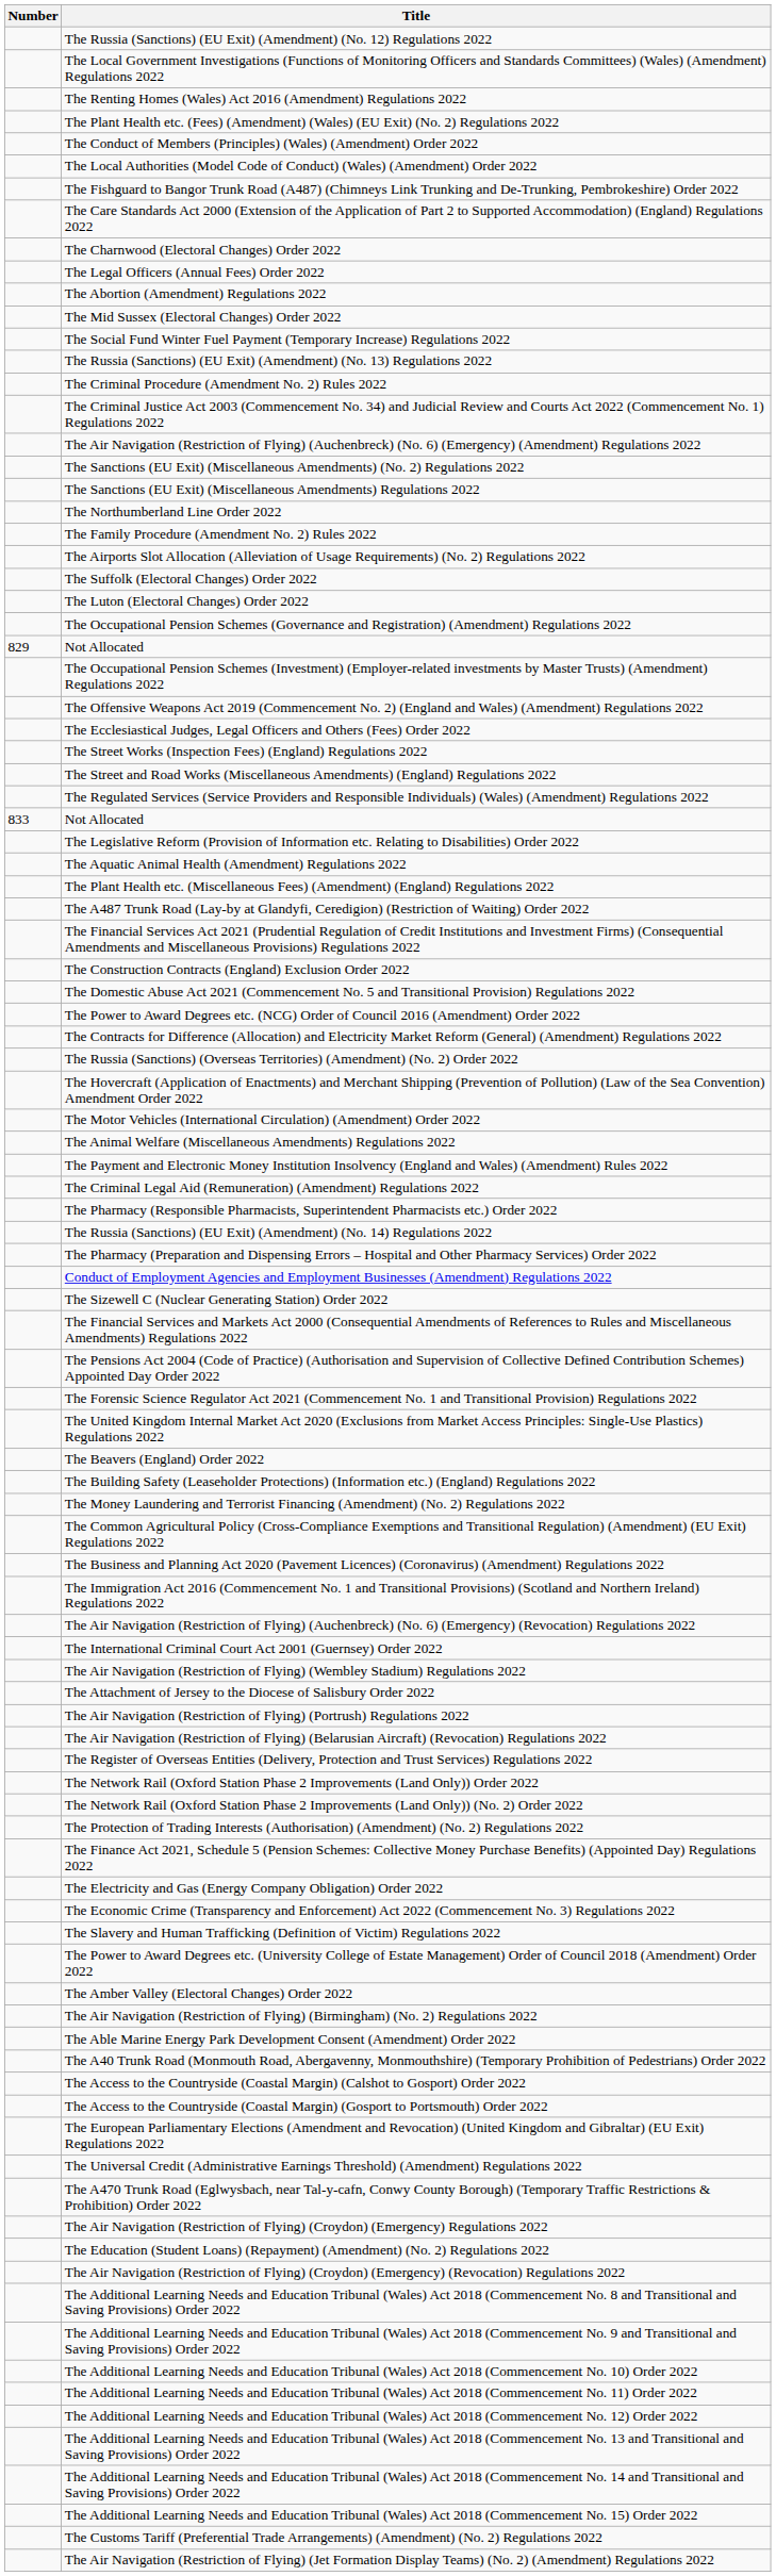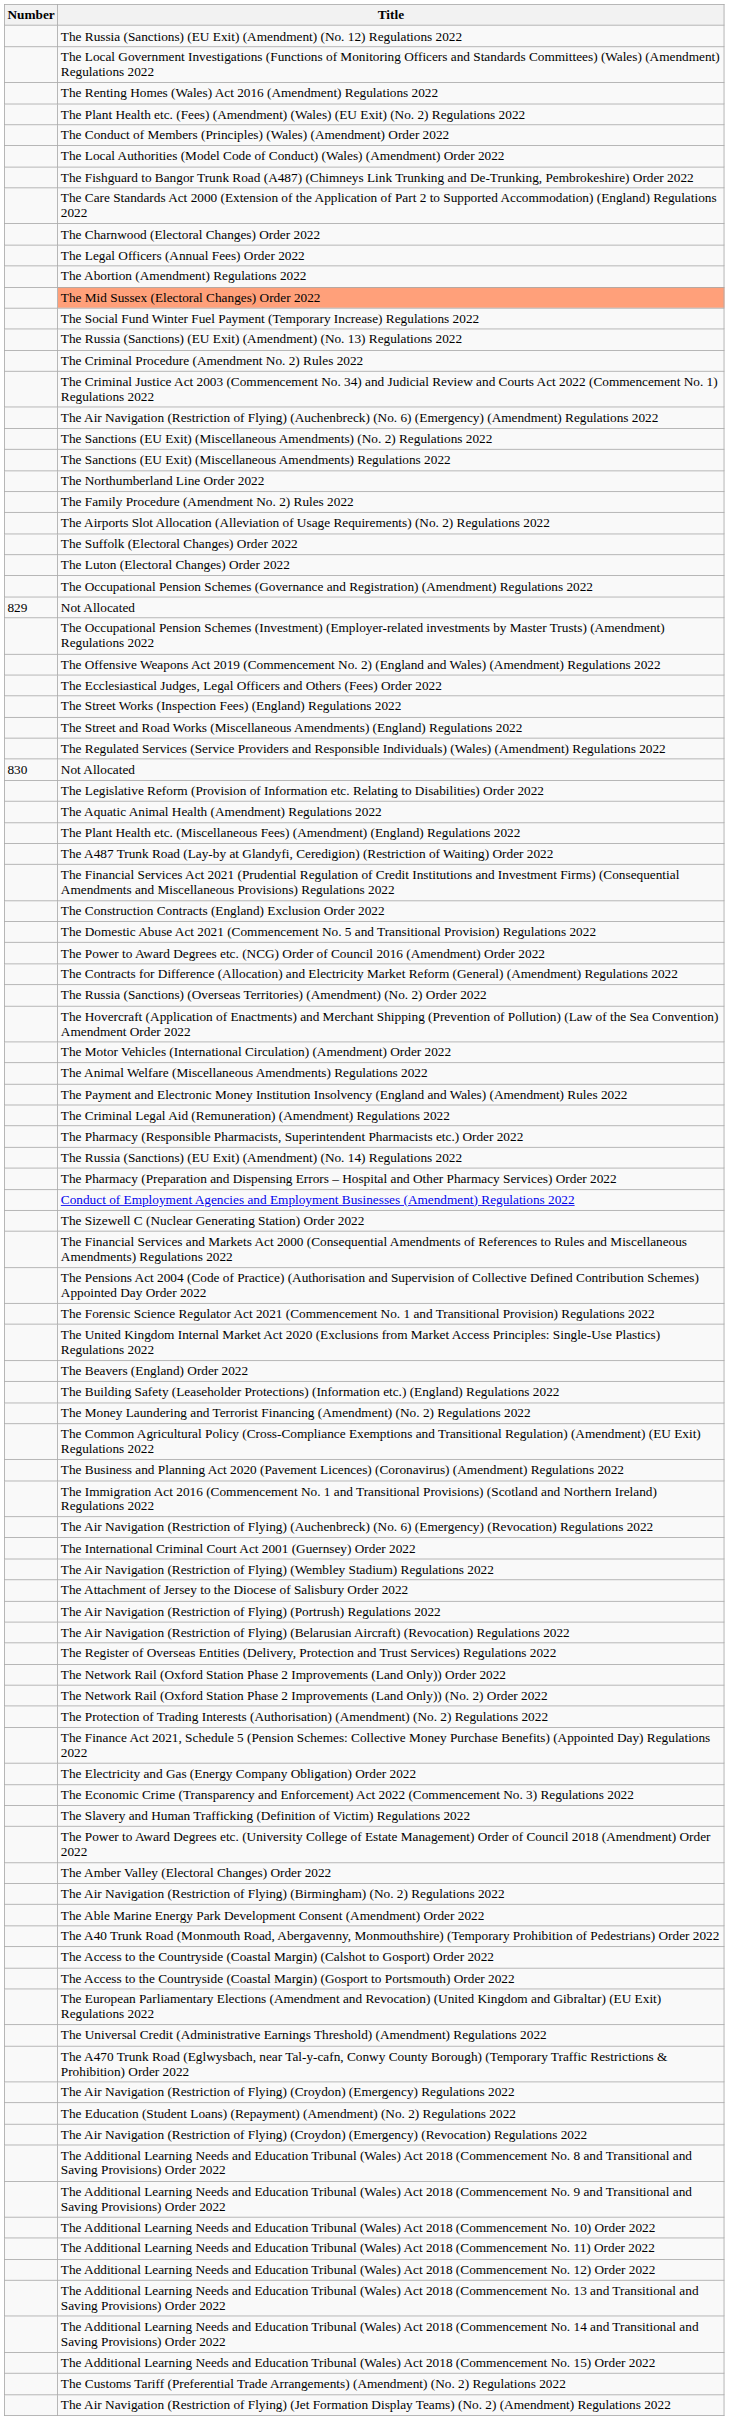 <table class="wikitable collapsible">
 <tr>
 <th>Number</th>
 <th>Title</th>
 </tr>
 <tr>
 <td></td>
 <td>The Russia (Sanctions) (EU Exit) (Amendment) (No. 12) Regulations 2022</td>
 </tr>
 <tr>
 <td></td>
 <td>The Local Government Investigations (Functions of Monitoring Officers and Standards Committees) (Wales) (Amendment) Regulations 2022</td>
 </tr>
 <tr>
 <td></td>
 <td>The Renting Homes (Wales) Act 2016 (Amendment) Regulations 2022</td>
 </tr>
 <tr>
 <td></td>
 <td>The Plant Health etc. (Fees) (Amendment) (Wales) (EU Exit) (No. 2) Regulations 2022</td>
 </tr>
 <tr>
 <td></td>
 <td>The Conduct of Members (Principles) (Wales) (Amendment) Order 2022</td>
 </tr>
 <tr>
 <td></td>
 <td>The Local Authorities (Model Code of Conduct) (Wales) (Amendment) Order 2022</td>
 </tr>
 <tr>
 <td></td>
 <td>The Fishguard to Bangor Trunk Road (A487) (Chimneys Link Trunking and De-Trunking, Pembrokeshire) Order 2022</td>
 </tr>
 <tr>
 <td></td>
 <td>The Care Standards Act 2000 (Extension of the Application of Part 2 to Supported Accommodation) (England) Regulations 2022</td>
 </tr>
 <tr>
 <td></td>
 <td>The Charnwood (Electoral Changes) Order 2022</td>
 </tr>
 <tr>
 <td></td>
 <td>The Legal Officers (Annual Fees) Order 2022</td>
 </tr>
 <tr>
 <td></td>
 <td>The Abortion (Amendment) Regulations 2022</td>
 </tr>
 <tr>
 <td></td>
-<td>The Mid Sussex (Electoral Changes) Order 2022</td>
+<td style="background: lightsalmon;">The Mid Sussex (Electoral Changes) Order 2022</td>
 </tr>
 <tr>
 <td></td>
 <td>The Social Fund Winter Fuel Payment (Temporary Increase) Regulations 2022</td>
 </tr>
 <tr>
 <td></td>
 <td>The Russia (Sanctions) (EU Exit) (Amendment) (No. 13) Regulations 2022</td>
 </tr>
 <tr>
 <td></td>
 <td>The Criminal Procedure (Amendment No. 2) Rules 2022</td>
 </tr>
 <tr>
 <td></td>
 <td>The Criminal Justice Act 2003 (Commencement No. 34) and Judicial Review and Courts Act 2022 (Commencement No. 1) Regulations 2022</td>
 </tr>
 <tr>
 <td></td>
 <td>The Air Navigation (Restriction of Flying) (Auchenbreck) (No. 6) (Emergency) (Amendment) Regulations 2022</td>
 </tr>
 <tr>
 <td></td>
 <td>The Sanctions (EU Exit) (Miscellaneous Amendments) (No. 2) Regulations 2022</td>
 </tr>
 <tr>
 <td></td>
 <td>The Sanctions (EU Exit) (Miscellaneous Amendments) Regulations 2022</td>
 </tr>
 <tr>
 <td></td>
 <td>The Northumberland Line Order 2022</td>
 </tr>
 <tr>
 <td></td>
 <td>The Family Procedure (Amendment No. 2) Rules 2022</td>
 </tr>
 <tr>
 <td></td>
 <td>The Airports Slot Allocation (Alleviation of Usage Requirements) (No. 2) Regulations 2022</td>
 </tr>
 <tr>
 <td></td>
 <td>The Suffolk (Electoral Changes) Order 2022</td>
 </tr>
 <tr>
 <td></td>
 <td>The Luton (Electoral Changes) Order 2022</td>
 </tr>
 <tr>
 <td></td>
 <td>The Occupational Pension Schemes (Governance and Registration) (Amendment) Regulations 2022</td>
 </tr>
 <tr>
 <td>829</td>
 <td>Not Allocated</td>
 </tr>
 <tr>
 <td></td>
 <td>The Occupational Pension Schemes (Investment) (Employer-related investments by Master Trusts) (Amendment) Regulations 2022</td>
 </tr>
 <tr>
 <td></td>
 <td>The Offensive Weapons Act 2019 (Commencement No. 2) (England and Wales) (Amendment) Regulations 2022</td>
 </tr>
 <tr>
 <td></td>
 <td>The Ecclesiastical Judges, Legal Officers and Others (Fees) Order 2022</td>
 </tr>
 <tr>
 <td></td>
 <td>The Street Works (Inspection Fees) (England) Regulations 2022</td>
 </tr>
 <tr>
 <td></td>
 <td>The Street and Road Works (Miscellaneous Amendments) (England) Regulations 2022</td>
 </tr>
 <tr>
 <td></td>
 <td>The Regulated Services (Service Providers and Responsible Individuals) (Wales) (Amendment) Regulations 2022</td>
 </tr>
 <tr>
-<td>833</td>
+<td>830</td>
 <td>Not Allocated</td>
 </tr>
 <tr>
 <td></td>
 <td>The Legislative Reform (Provision of Information etc. Relating to Disabilities) Order 2022</td>
 </tr>
 <tr>
 <td></td>
 <td>The Aquatic Animal Health (Amendment) Regulations 2022</td>
 </tr>
 <tr>
 <td></td>
 <td>The Plant Health etc. (Miscellaneous Fees) (Amendment) (England) Regulations 2022</td>
 </tr>
 <tr>
 <td></td>
 <td>The A487 Trunk Road (Lay-by at Glandyfi, Ceredigion) (Restriction of Waiting) Order 2022</td>
 </tr>
 <tr>
 <td></td>
 <td>The Financial Services Act 2021 (Prudential Regulation of Credit Institutions and Investment Firms) (Consequential Amendments and Miscellaneous Provisions) Regulations 2022</td>
 </tr>
 <tr>
 <td></td>
 <td>The Construction Contracts (England) Exclusion Order 2022</td>
 </tr>
 <tr>
 <td></td>
 <td>The Domestic Abuse Act 2021 (Commencement No. 5 and Transitional Provision) Regulations 2022</td>
 </tr>
 <tr>
 <td></td>
 <td>The Power to Award Degrees etc. (NCG) Order of Council 2016 (Amendment) Order 2022</td>
 </tr>
 <tr>
 <td></td>
 <td>The Contracts for Difference (Allocation) and Electricity Market Reform (General) (Amendment) Regulations 2022</td>
 </tr>
 <tr>
 <td></td>
 <td>The Russia (Sanctions) (Overseas Territories) (Amendment) (No. 2) Order 2022</td>
 </tr>
 <tr>
 <td></td>
 <td>The Hovercraft (Application of Enactments) and Merchant Shipping (Prevention of Pollution) (Law of the Sea Convention) Amendment Order 2022</td>
 </tr>
 <tr>
 <td></td>
 <td>The Motor Vehicles (International Circulation) (Amendment) Order 2022</td>
 </tr>
 <tr>
 <td></td>
 <td>The Animal Welfare (Miscellaneous Amendments) Regulations 2022</td>
 </tr>
 <tr>
 <td></td>
 <td>The Payment and Electronic Money Institution Insolvency (England and Wales) (Amendment) Rules 2022</td>
 </tr>
 <tr>
 <td></td>
 <td>The Criminal Legal Aid (Remuneration) (Amendment) Regulations 2022</td>
 </tr>
 <tr>
 <td></td>
 <td>The Pharmacy (Responsible Pharmacists, Superintendent Pharmacists etc.) Order 2022</td>
 </tr>
 <tr>
 <td></td>
 <td>The Russia (Sanctions) (EU Exit) (Amendment) (No. 14) Regulations 2022</td>
 </tr>
 <tr>
 <td></td>
 <td>The Pharmacy (Preparation and Dispensing Errors – Hospital and Other Pharmacy Services) Order 2022</td>
 </tr>
 <tr>
 <td></td>
 <td><a href='#'>Conduct of Employment Agencies and Employment Businesses (Amendment) Regulations 2022</a></td>
 </tr>
 <tr>
 <td></td>
 <td>The Sizewell C (Nuclear Generating Station) Order 2022</td>
 </tr>
 <tr>
 <td></td>
 <td>The Financial Services and Markets Act 2000 (Consequential Amendments of References to Rules and Miscellaneous Amendments) Regulations 2022</td>
 </tr>
 <tr>
 <td></td>
 <td>The Pensions Act 2004 (Code of Practice) (Authorisation and Supervision of Collective Defined Contribution Schemes) Appointed Day Order 2022</td>
 </tr>
 <tr>
 <td></td>
 <td>The Forensic Science Regulator Act 2021 (Commencement No. 1 and Transitional Provision) Regulations 2022</td>
 </tr>
 <tr>
 <td></td>
 <td>The United Kingdom Internal Market Act 2020 (Exclusions from Market Access Principles: Single-Use Plastics) Regulations 2022</td>
 </tr>
 <tr>
 <td></td>
 <td>The Beavers (England) Order 2022</td>
 </tr>
 <tr>
 <td></td>
 <td>The Building Safety (Leaseholder Protections) (Information etc.) (England) Regulations 2022</td>
 </tr>
 <tr>
 <td></td>
 <td>The Money Laundering and Terrorist Financing (Amendment) (No. 2) Regulations 2022</td>
 </tr>
 <tr>
 <td></td>
 <td>The Common Agricultural Policy (Cross-Compliance Exemptions and Transitional Regulation) (Amendment) (EU Exit) Regulations 2022</td>
 </tr>
 <tr>
 <td></td>
 <td>The Business and Planning Act 2020 (Pavement Licences) (Coronavirus) (Amendment) Regulations 2022</td>
 </tr>
 <tr>
 <td></td>
 <td>The Immigration Act 2016 (Commencement No. 1 and Transitional Provisions) (Scotland and Northern Ireland) Regulations 2022</td>
 </tr>
 <tr>
 <td></td>
 <td>The Air Navigation (Restriction of Flying) (Auchenbreck) (No. 6) (Emergency) (Revocation) Regulations 2022</td>
 </tr>
 <tr>
 <td></td>
 <td>The International Criminal Court Act 2001 (Guernsey) Order 2022</td>
 </tr>
 <tr>
 <td></td>
 <td>The Air Navigation (Restriction of Flying) (Wembley Stadium) Regulations 2022</td>
 </tr>
 <tr>
 <td></td>
 <td>The Attachment of Jersey to the Diocese of Salisbury Order 2022</td>
 </tr>
 <tr>
 <td></td>
 <td>The Air Navigation (Restriction of Flying) (Portrush) Regulations 2022</td>
 </tr>
 <tr>
 <td></td>
 <td>The Air Navigation (Restriction of Flying) (Belarusian Aircraft) (Revocation) Regulations 2022</td>
 </tr>
 <tr>
 <td></td>
 <td>The Register of Overseas Entities (Delivery, Protection and Trust Services) Regulations 2022</td>
 </tr>
 <tr>
 <td></td>
 <td>The Network Rail (Oxford Station Phase 2 Improvements (Land Only)) Order 2022</td>
 </tr>
 <tr>
 <td></td>
 <td>The Network Rail (Oxford Station Phase 2 Improvements (Land Only)) (No. 2) Order 2022</td>
 </tr>
 <tr>
 <td></td>
 <td>The Protection of Trading Interests (Authorisation) (Amendment) (No. 2) Regulations 2022</td>
 </tr>
 <tr>
 <td></td>
 <td>The Finance Act 2021, Schedule 5 (Pension Schemes: Collective Money Purchase Benefits) (Appointed Day) Regulations 2022</td>
 </tr>
 <tr>
 <td></td>
 <td>The Electricity and Gas (Energy Company Obligation) Order 2022</td>
 </tr>
 <tr>
 <td></td>
 <td>The Economic Crime (Transparency and Enforcement) Act 2022 (Commencement No. 3) Regulations 2022</td>
 </tr>
 <tr>
 <td></td>
 <td>The Slavery and Human Trafficking (Definition of Victim) Regulations 2022</td>
 </tr>
 <tr>
 <td></td>
 <td>The Power to Award Degrees etc. (University College of Estate Management) Order of Council 2018 (Amendment) Order 2022</td>
 </tr>
 <tr>
 <td></td>
 <td>The Amber Valley (Electoral Changes) Order 2022</td>
 </tr>
 <tr>
 <td></td>
 <td>The Air Navigation (Restriction of Flying) (Birmingham) (No. 2) Regulations 2022</td>
 </tr>
 <tr>
 <td></td>
 <td>The Able Marine Energy Park Development Consent (Amendment) Order 2022</td>
 </tr>
 <tr>
 <td></td>
 <td>The A40 Trunk Road (Monmouth Road, Abergavenny, Monmouthshire) (Temporary Prohibition of Pedestrians) Order 2022</td>
 </tr>
 <tr>
 <td></td>
 <td>The Access to the Countryside (Coastal Margin) (Calshot to Gosport) Order 2022</td>
 </tr>
 <tr>
 <td></td>
 <td>The Access to the Countryside (Coastal Margin) (Gosport to Portsmouth) Order 2022</td>
 </tr>
 <tr>
 <td></td>
 <td>The European Parliamentary Elections (Amendment and Revocation) (United Kingdom and Gibraltar) (EU Exit) Regulations 2022</td>
 </tr>
 <tr>
 <td></td>
 <td>The Universal Credit (Administrative Earnings Threshold) (Amendment) Regulations 2022</td>
 </tr>
 <tr>
 <td></td>
 <td>The A470 Trunk Road (Eglwysbach, near Tal-y-cafn, Conwy County Borough) (Temporary Traffic Restrictions & Prohibition) Order 2022</td>
 </tr>
 <tr>
 <td></td>
 <td>The Air Navigation (Restriction of Flying) (Croydon) (Emergency) Regulations 2022</td>
 </tr>
 <tr>
 <td></td>
 <td>The Education (Student Loans) (Repayment) (Amendment) (No. 2) Regulations 2022</td>
 </tr>
 <tr>
 <td></td>
 <td>The Air Navigation (Restriction of Flying) (Croydon) (Emergency) (Revocation) Regulations 2022</td>
 </tr>
 <tr>
 <td></td>
 <td>The Additional Learning Needs and Education Tribunal (Wales) Act 2018 (Commencement No. 8 and Transitional and Saving Provisions) Order 2022</td>
 </tr>
 <tr>
 <td></td>
 <td>The Additional Learning Needs and Education Tribunal (Wales) Act 2018 (Commencement No. 9 and Transitional and Saving Provisions) Order 2022</td>
 </tr>
 <tr>
 <td></td>
 <td>The Additional Learning Needs and Education Tribunal (Wales) Act 2018 (Commencement No. 10) Order 2022</td>
 </tr>
 <tr>
 <td></td>
 <td>The Additional Learning Needs and Education Tribunal (Wales) Act 2018 (Commencement No. 11) Order 2022</td>
 </tr>
 <tr>
 <td></td>
 <td>The Additional Learning Needs and Education Tribunal (Wales) Act 2018 (Commencement No. 12) Order 2022</td>
 </tr>
 <tr>
 <td></td>
 <td>The Additional Learning Needs and Education Tribunal (Wales) Act 2018 (Commencement No. 13 and Transitional and Saving Provisions) Order 2022</td>
 </tr>
 <tr>
 <td></td>
 <td>The Additional Learning Needs and Education Tribunal (Wales) Act 2018 (Commencement No. 14 and Transitional and Saving Provisions) Order 2022</td>
 </tr>
 <tr>
 <td></td>
 <td>The Additional Learning Needs and Education Tribunal (Wales) Act 2018 (Commencement No. 15) Order 2022</td>
 </tr>
 <tr>
 <td></td>
 <td>The Customs Tariff (Preferential Trade Arrangements) (Amendment) (No. 2) Regulations 2022</td>
 </tr>
 <tr>
 <td></td>
 <td>The Air Navigation (Restriction of Flying) (Jet Formation Display Teams) (No. 2) (Amendment) Regulations 2022</td>
 </tr>
 </table>
